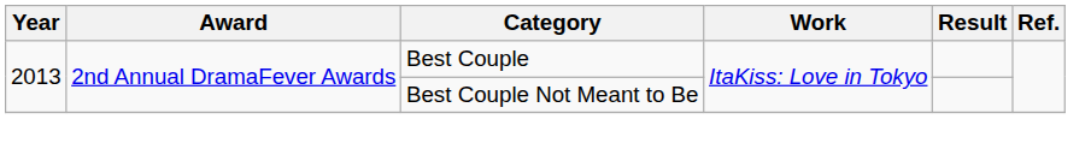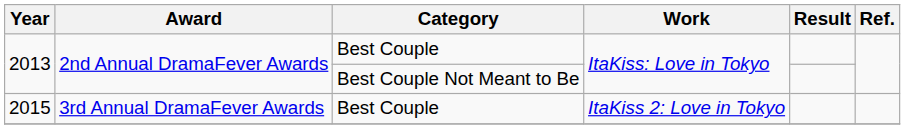 <table class="wikitable">
 <tr>
 <th>Year</th>
 <th>Award</th>
 <th>Category</th>
 <th>Work</th>
 <th>Result</th>
 <th>Ref.</th>
 </tr>
 <tr>
 <td rowspan=2>2013</td>
 <td rowspan=2><a href='#'>2nd Annual DramaFever Awards</a></td>
 <td>Best Couple </td>
 <td rowspan=2><em><a href='#'>ItaKiss: Love in Tokyo</a></em></td>
 <td></td>
 <td rowspan=2></td>
 </tr>
 <tr>
 <td>Best Couple Not Meant to Be </td>
 <td></td>
 </tr>
 <tr>
+<td>2015</td>
+<td><a href='#'>3rd Annual DramaFever Awards</a></td>
+<td>Best Couple </td>
+<td><em><a href='#'>ItaKiss 2: Love in Tokyo</a></em></td>
+<td></td>
+<td></td>
+</tr>
+<tr>
 </tr>
 </table>
